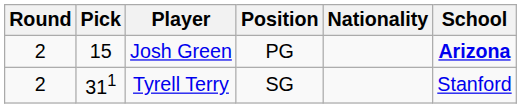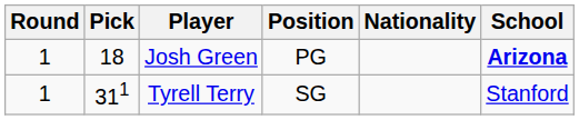 <table class="wikitable sortable sortable">
 <tr>
 <th>Round</th>
 <th>Pick</th>
 <th>Player</th>
 <th>Position</th>
 <th>Nationality</th>
 <th>School</th>
 </tr>
 <tr style="text-align: center">
-<td>2</td>
-<td>15</td>
+<td>1</td>
+<td>18</td>
 <td><a href='#'>Josh Green</a></td>
 <td>PG</td>
 <td></td>
 <td><strong><a href='#'>Arizona</a></strong></td>
 </tr>
 <tr style="text-align: center">
-<td>2</td>
+<td>1</td>
 <td>31<sup>1</sup></td>
 <td><a href='#'>Tyrell Terry</a></td>
 <td>SG</td>
 <td></td>
 <td><a href='#'>Stanford</a></td>
 </tr>
 </table>
